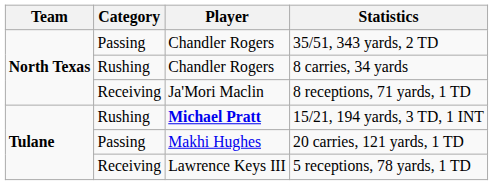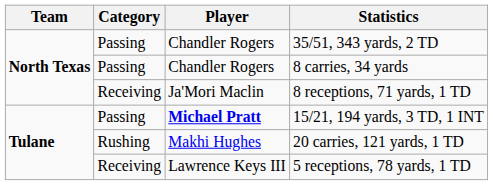 <table class="wikitable" style="float: right;">
 <tr>
 <th>Team</th>
 <th>Category</th>
 <th>Player</th>
 <th>Statistics</th>
 </tr>
 <tr>
 <td rowspan=3><strong>North Texas</strong></td>
 <td>Passing</td>
 <td>Chandler Rogers</td>
 <td>35/51, 343 yards, 2 TD</td>
 </tr>
 <tr>
-<td>Rushing</td>
+<td>Passing</td>
 <td>Chandler Rogers</td>
 <td>8 carries, 34 yards</td>
 </tr>
 <tr>
 <td>Receiving</td>
 <td>Ja'Mori Maclin</td>
 <td>8 receptions, 71 yards, 1 TD</td>
 </tr>
 <tr>
 <td rowspan=3><strong>Tulane</strong></td>
-<td>Rushing</td>
+<td>Passing</td>
 <td><strong><a href='#'>Michael Pratt</a></strong></td>
 <td>15/21, 194 yards, 3 TD, 1 INT</td>
 </tr>
 <tr>
-<td>Passing</td>
+<td>Rushing</td>
 <td><a href='#'>Makhi Hughes</a></td>
 <td>20 carries, 121 yards, 1 TD</td>
 </tr>
 <tr>
 <td>Receiving</td>
 <td>Lawrence Keys III</td>
 <td>5 receptions, 78 yards, 1 TD</td>
 </tr>
 </table>
